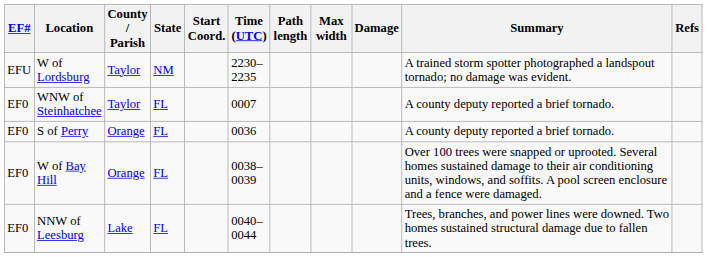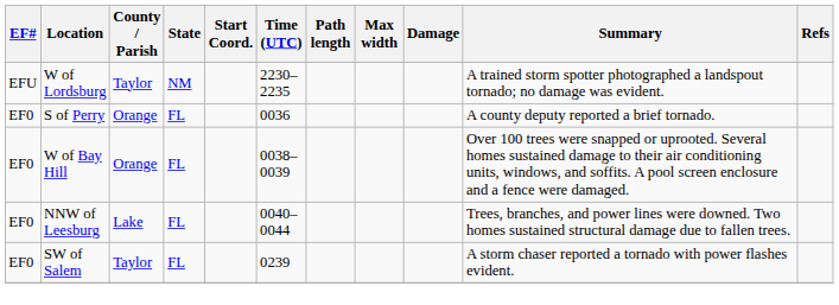 <table class="wikitable sortable" style="width:100%;">
 <tr>
 <th scope="col"  style="width:3%; text-align:center;"><a href='#'>EF#</a></th>
 <th scope="col"  style="width:7%; text-align:center;" class="unsortable">Location</th>
 <th scope="col"  style="width:6%; text-align:center;" class="unsortable">County / Parish</th>
 <th scope="col"  style="width:5%; text-align:center;">State</th>
 <th scope="col"  style="width:6%; text-align:center;">Start Coord.</th>
 <th scope="col"  style="width:6%; text-align:center;">Time (<a href='#'>UTC</a>)</th>
 <th scope="col"  style="width:6%; text-align:center;">Path length</th>
 <th scope="col"  style="width:6%; text-align:center;">Max width</th>
 <th scope="col"  style="width:6%; text-align:center;">Damage</th>
 <th scope="col" class="unsortable" style="width:48%; text-align:center;">Summary</th>
 <th scope="col" class="unsortable" style="width:48%; text-align:center;">Refs</th>
 </tr>
 <tr>
 <td>EFU</td>
 <td>W of <a href='#'>Lordsburg</a></td>
 <td><a href='#'>Taylor</a></td>
 <td><a href='#'>NM</a></td>
 <td></td>
 <td>2230–2235</td>
 <td></td>
 <td></td>
 <td></td>
 <td>A trained storm spotter photographed a landspout tornado; no damage was evident.</td>
-<td></td>
-</tr>
-<tr>
-<td>EF0</td>
-<td>WNW of <a href='#'>Steinhatchee</a></td>
-<td><a href='#'>Taylor</a></td>
-<td><a href='#'>FL</a></td>
-<td></td>
-<td>0007</td>
-<td></td>
-<td></td>
-<td></td>
-<td>A county deputy reported a brief tornado.</td>
 <td></td>
 </tr>
 <tr>
 <td>EF0</td>
 <td>S of <a href='#'>Perry</a></td>
 <td><a href='#'>Orange</a></td>
 <td><a href='#'>FL</a></td>
 <td></td>
 <td>0036</td>
 <td></td>
 <td></td>
 <td></td>
 <td>A county deputy reported a brief tornado.</td>
 <td></td>
 </tr>
 <tr>
 <td>EF0</td>
 <td>W of <a href='#'>Bay Hill</a></td>
 <td><a href='#'>Orange</a></td>
 <td><a href='#'>FL</a></td>
 <td></td>
 <td>0038–0039</td>
 <td></td>
 <td></td>
 <td></td>
 <td>Over 100 trees were snapped or uprooted. Several homes sustained damage to their air conditioning units, windows, and soffits. A pool screen enclosure and a fence were damaged.</td>
 <td></td>
 </tr>
 <tr>
 <td>EF0</td>
 <td>NNW of <a href='#'>Leesburg</a></td>
 <td><a href='#'>Lake</a></td>
 <td><a href='#'>FL</a></td>
 <td></td>
 <td>0040–0044</td>
 <td></td>
 <td></td>
 <td></td>
 <td>Trees, branches, and power lines were downed. Two homes sustained structural damage due to fallen trees.</td>
 <td></td>
 </tr>
 <tr>
+<td>EF0</td>
+<td>SW of <a href='#'>Salem</a></td>
+<td><a href='#'>Taylor</a></td>
+<td><a href='#'>FL</a></td>
+<td></td>
+<td>0239</td>
+<td></td>
+<td></td>
+<td></td>
+<td>A storm chaser reported a tornado with power flashes evident.</td>
+<td></td>
+</tr>
+<tr>
 </tr>
 </table>
